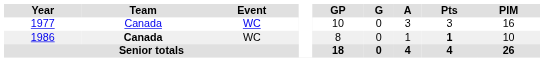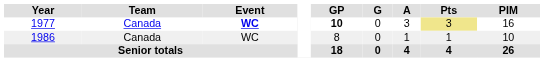 <table border="0" cellpadding="1" cellspacing="0" style="text-align:center; width:50em">
 <tr ALIGN="center" bgcolor="#e0e0e0">
 <th>Year</th>
 <th>Team</th>
 <th>Event</th>
 <th rowspan="99" bgcolor="#ffffff"> </th>
 <th>GP</th>
 <th>G</th>
 <th>A</th>
 <th>Pts</th>
 <th>PIM</th>
 </tr>
 <tr>
 <td><a href='#'>1977</a></td>
 <td><a href='#'>Canada</a></td>
-<td><a href='#'>WC</a></td>
-<td>10</td>
+<td><strong><a href='#'>WC</a></strong></td>
+<td><strong>10</strong></td>
 <td>0</td>
 <td>3</td>
-<td>3</td>
+<td style="background: khaki;">3</td>
 <td>16</td>
 </tr>
 <tr bgcolor="#f0f0f0">
 <td><a href='#'>1986</a></td>
-<td><strong>Canada</strong></td>
+<td>Canada</td>
 <td>WC</td>
 <td>8</td>
 <td>0</td>
 <td>1</td>
-<td><strong>1</strong></td>
+<td>1</td>
 <td>10</td>
 </tr>
 <tr bgcolor="#e0e0e0">
 <th colspan=3>Senior totals</th>
 <th>18</th>
 <th>0</th>
 <th>4</th>
 <th>4</th>
 <th>26</th>
 </tr>
 </table>
